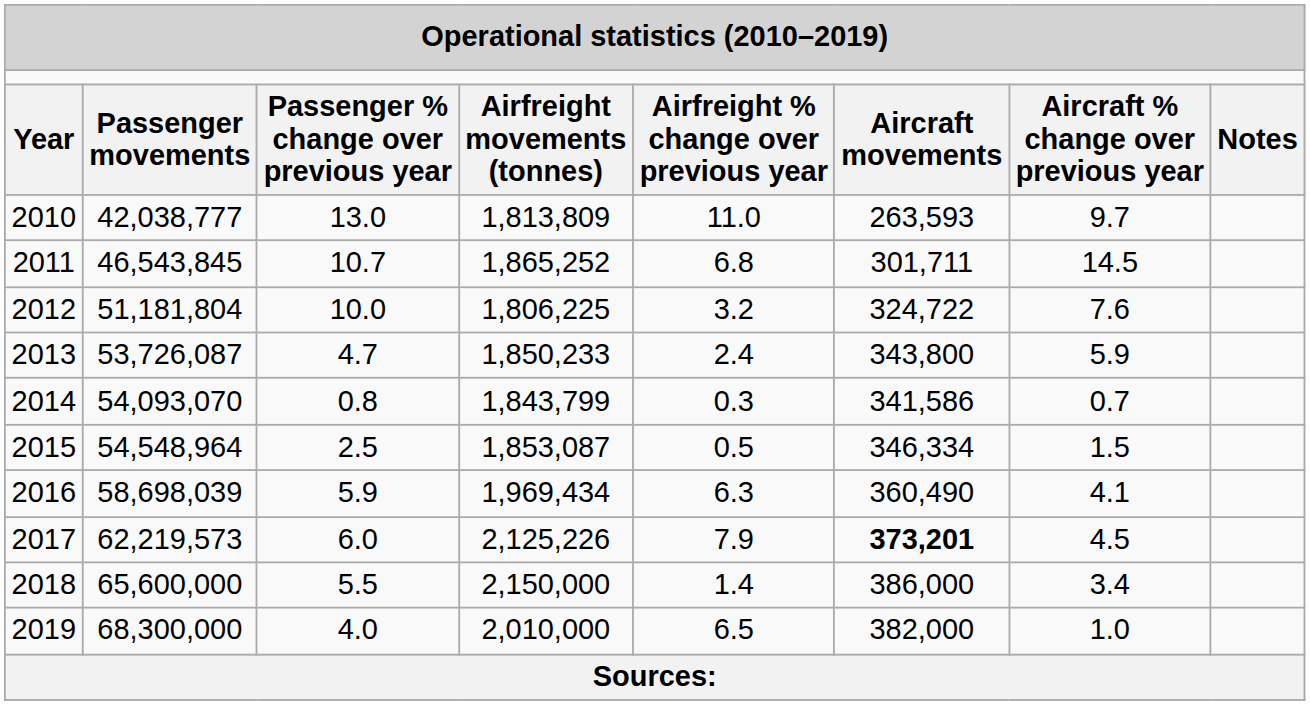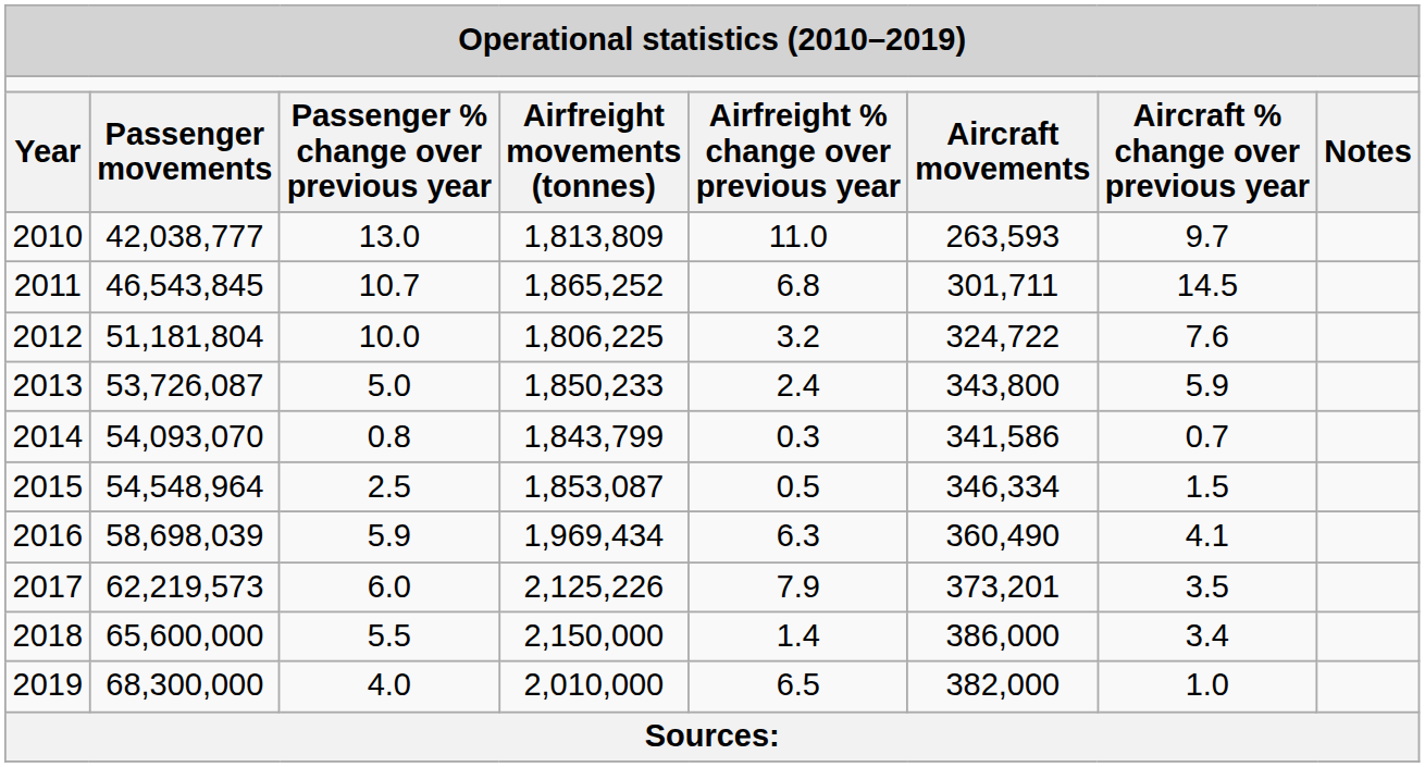 <table class="wikitable" style="text-align:center;">
 <tr>
 <th colspan="8" style="background:lightgrey; colour:black; line-height:180%;">Operational statistics (2010–2019)</th>
 </tr>
 <tr>
 <td style="text-align:center;" colspan="8"></td>
 </tr>
 <tr style="background:lightgrey;">
 <th>Year</th>
 <th>Passenger<br>movements</th>
 <th>Passenger %<br>change over<br>previous year</th>
 <th>Airfreight<br>movements<br>(tonnes)</th>
 <th>Airfreight %<br>change over<br>previous year</th>
 <th>Aircraft<br>movements</th>
 <th>Aircraft %<br>change over<br>previous year</th>
 <th>Notes</th>
 </tr>
 <tr>
 <td>2010</td>
 <td>42,038,777</td>
 <td> 13.0</td>
 <td>1,813,809</td>
 <td> 11.0</td>
 <td>263,593</td>
 <td> 9.7</td>
 <td></td>
 </tr>
 <tr>
 <td>2011</td>
 <td>46,543,845</td>
 <td> 10.7</td>
 <td>1,865,252</td>
 <td> 6.8</td>
 <td>301,711</td>
 <td> 14.5</td>
 <td></td>
 </tr>
 <tr>
 <td>2012</td>
 <td>51,181,804</td>
 <td> 10.0</td>
 <td>1,806,225</td>
 <td> 3.2</td>
 <td>324,722</td>
 <td> 7.6</td>
 <td></td>
 </tr>
 <tr>
 <td>2013</td>
 <td>53,726,087</td>
-<td> 4.7</td>
+<td> 5.0</td>
 <td>1,850,233</td>
 <td> 2.4</td>
 <td>343,800</td>
 <td> 5.9</td>
 <td></td>
 </tr>
 <tr>
 <td>2014</td>
 <td>54,093,070</td>
 <td> 0.8</td>
 <td>1,843,799</td>
 <td> 0.3</td>
 <td>341,586</td>
 <td> 0.7</td>
 <td></td>
 </tr>
 <tr>
 <td>2015</td>
 <td>54,548,964</td>
 <td> 2.5</td>
 <td>1,853,087</td>
 <td> 0.5</td>
 <td>346,334</td>
 <td> 1.5</td>
 <td></td>
 </tr>
 <tr>
 <td>2016</td>
 <td>58,698,039</td>
 <td> 5.9</td>
 <td>1,969,434</td>
 <td> 6.3</td>
 <td>360,490</td>
 <td> 4.1</td>
 <td></td>
 </tr>
 <tr>
 <td>2017</td>
 <td>62,219,573</td>
 <td> 6.0</td>
 <td>2,125,226</td>
 <td> 7.9</td>
-<td><strong>373,201</strong></td>
-<td> 4.5</td>
+<td>373,201</td>
+<td> 3.5</td>
 <td></td>
 </tr>
 <tr>
 <td>2018</td>
 <td>65,600,000</td>
 <td> 5.5</td>
 <td>2,150,000</td>
 <td> 1.4</td>
 <td>386,000</td>
 <td> 3.4</td>
 <td></td>
 </tr>
 <tr>
 <td>2019</td>
 <td>68,300,000</td>
 <td> 4.0</td>
 <td>2,010,000</td>
 <td> 6.5</td>
 <td>382,000</td>
 <td> 1.0</td>
 <td></td>
 </tr>
 <tr>
 <th colspan="11">Sources:</th>
 </tr>
 </table>
